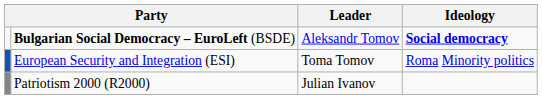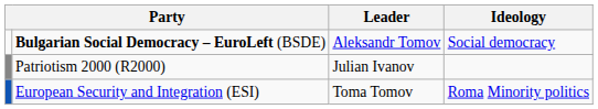 <table class="wikitable" style="font-size:95%; white-space: nowrap">
 <tr>
 <th style="width:200px" colspan="2">Party</th>
 <th style="width:100px">Leader</th>
 <th style="width:120px">Ideology</th>
 </tr>
 <tr>
 <td style="background:"></td>
 <td><strong>Bulgarian Social Democracy – EuroLeft</strong> (BSDE)</td>
 <td><a href='#'>Aleksandr Tomov</a></td>
-<td><strong><a href='#'>Social democracy</a></strong></td>
+<td><a href='#'>Social democracy</a></td>
+</tr>
+<tr>
+<td style="background:#858585;"></td>
+<td>Patriotism 2000 (R2000)</td>
+<td>Julian Ivanov</td>
+<td></td>
 </tr>
 <tr>
 <td style="background:#0E54B4;"></td>
 <td><a href='#'>European Security and Integration</a> (ESI)</td>
 <td>Toma Tomov</td>
 <td><a href='#'>Roma</a> <a href='#'>Minority politics</a></td>
 </tr>
-<tr>
-<td style="background:#858585;"></td>
-<td>Patriotism 2000 (R2000)</td>
-<td>Julian Ivanov</td>
-<td></td>
-</tr>
 </table>
